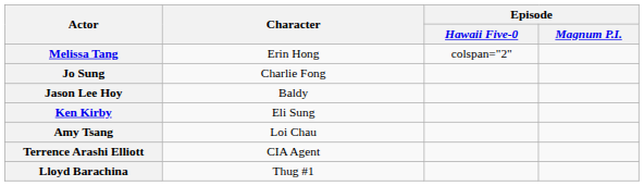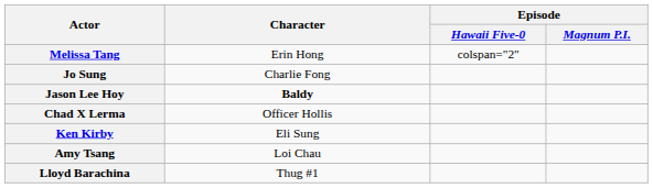 <table class="wikitable" style="width:65%; text-align:center;">
 <tr>
 <th scope="col" rowspan="2" width=12%>Actor</th>
 <th scope="col" rowspan="2" width=20%>Character</th>
 <th scope="col" colspan="2">Episode</th>
 </tr>
 <tr>
 <th scope="col" width=7%><em><a href='#'>Hawaii Five-0</a></em></th>
 <th scope="col" width=7%><em><a href='#'>Magnum P.I.</a></em></th>
 </tr>
 <tr>
 <th scope="row"><a href='#'>Melissa Tang</a></th>
 <td>Erin Hong</td>
 <td>colspan="2"</td>
 </tr>
 <tr>
 <th scope="row">Jo Sung</th>
 <td>Charlie Fong</td>
 <td></td>
 <td></td>
 </tr>
 <tr>
 <th scope="row">Jason Lee Hoy</th>
-<td>Baldy</td>
+<td><strong>Baldy</strong></td>
+<td></td>
+<td></td>
+</tr>
+<tr>
+<th scope="row">Chad X Lerma</th>
+<td>Officer Hollis</td>
 <td></td>
 <td></td>
 </tr>
 <tr>
 <th scope="row"><a href='#'>Ken Kirby</a></th>
 <td>Eli Sung</td>
 <td></td>
 <td></td>
 </tr>
 <tr>
 <th scope="row">Amy Tsang</th>
 <td>Loi Chau</td>
 <td></td>
 <td></td>
 </tr>
 <tr>
-<th scope="row">Terrence Arashi Elliott</th>
-<td>CIA Agent</td>
-<td></td>
-<td></td>
-</tr>
-<tr>
 <th scope="row">Lloyd Barachina</th>
 <td>Thug #1</td>
 <td></td>
 <td></td>
 </tr>
 </table>
